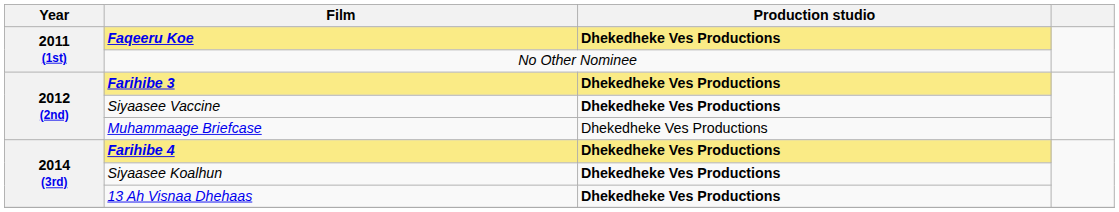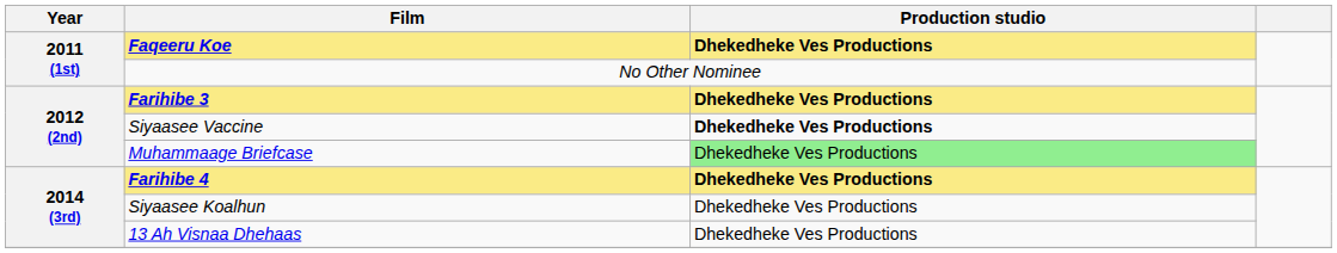 <table class="wikitable sortable" style="text-align:left;">
 <tr>
 <th scope="col" style="width:3%; text-align:center;">Year</th>
 <th scope="col" style="width:15%;text-align:center;">Film</th>
 <th scope="col" style="width:15%;text-align:center;">Production studio</th>
 <th scope="col" style="width:2%" class="unsortable"></th>
 </tr>
 <tr>
 <th scope="row" rowspan=2 style="text-align:center">2011 <br><small><a href='#'>(1st)</a> </small></th>
 <td style="background:#FAEB86;"><strong><em><a href='#'>Faqeeru Koe</a></em></strong></td>
 <td style="background:#FAEB86;"><strong>Dhekedheke Ves Productions</strong></td>
 <td rowspan=2 style="text-align: center;"></td>
 </tr>
 <tr>
 <td colspan=2 style="text-align:center"><em>No Other Nominee</em></td>
 </tr>
 <tr>
 <th scope="row" rowspan=3 style="text-align:center">2012 <br><small><a href='#'>(2nd)</a> </small></th>
 <td style="background:#FAEB86;"><strong><em><a href='#'>Farihibe 3</a></em></strong></td>
 <td style="background:#FAEB86;"><strong>Dhekedheke Ves Productions</strong></td>
 <td rowspan=3 style="text-align: center;"></td>
 </tr>
 <tr>
 <td><em>Siyaasee Vaccine</em></td>
 <td><strong>Dhekedheke Ves Productions</strong></td>
 </tr>
 <tr>
 <td><em><a href='#'>Muhammaage Briefcase</a></em></td>
-<td>Dhekedheke Ves Productions</td>
+<td style="background: lightgreen;">Dhekedheke Ves Productions</td>
 </tr>
 <tr>
 <th scope="row" rowspan=3 style="text-align:center">2014 <br><small><a href='#'>(3rd)</a> </small></th>
 <td style="background:#FAEB86;"><strong><em><a href='#'>Farihibe 4</a></em></strong></td>
 <td style="background:#FAEB86;"><strong>Dhekedheke Ves Productions</strong></td>
 <td rowspan=3 style="text-align: center;"></td>
 </tr>
 <tr>
 <td><em>Siyaasee Koalhun</em></td>
-<td><strong>Dhekedheke Ves Productions</strong></td>
+<td>Dhekedheke Ves Productions</td>
 </tr>
 <tr>
 <td><em><a href='#'>13 Ah Visnaa Dhehaas</a></em></td>
-<td><strong>Dhekedheke Ves Productions</strong></td>
+<td>Dhekedheke Ves Productions</td>
 </tr>
 <tr>
 </tr>
 </table>
